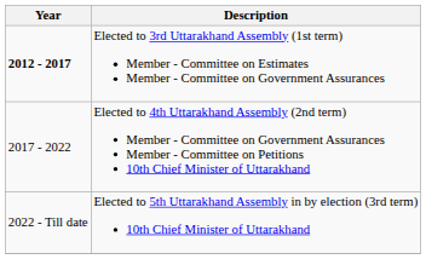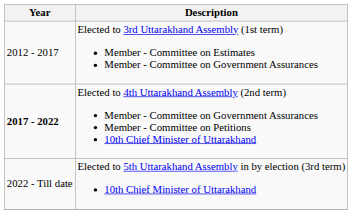 <table class="wikitable">
 <tr>
 <th>Year</th>
 <th>Description</th>
 </tr>
 <tr>
-<td><strong>2012 - 2017</strong></td>
+<td>2012 - 2017</td>
 <td>Elected to <a href='#'>3rd Uttarakhand Assembly</a> (1st term)<br><ul><li>Member - Committee on Estimates </li><li>Member - Committee on Government Assurances </li></ul></td>
 </tr>
 <tr>
-<td>2017 - 2022</td>
+<td><strong>2017 - 2022</strong></td>
 <td>Elected to <a href='#'>4th Uttarakhand Assembly</a> (2nd term)<br><ul><li>Member - Committee on Government Assurances </li><li>Member - Committee on Petitions </li><li><a href='#'>10th Chief Minister of Uttarakhand</a> </li></ul></td>
 </tr>
 <tr>
 <td>2022 - Till date</td>
 <td>Elected to <a href='#'>5th Uttarakhand Assembly</a> in by election (3rd term)<br><ul><li><a href='#'>10th Chief Minister of Uttarakhand</a> </li></ul></td>
 </tr>
 <tr>
 </tr>
 </table>
